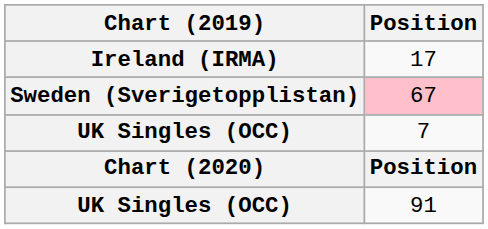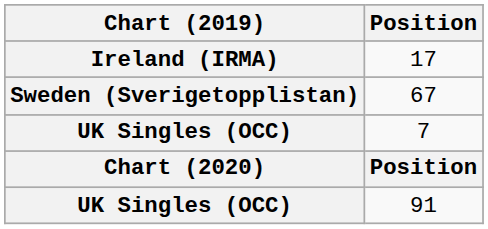 <table class="wikitable plainrowheaders" style="text-align:center">
 <tr>
 <th scope="col">Chart (2019)</th>
 <th scope="col">Position</th>
 </tr>
 <tr>
 <th scope="row">Ireland (IRMA)</th>
 <td>17</td>
 </tr>
 <tr>
 <th scope="row">Sweden (Sverigetopplistan)<br></th>
-<td style="background: pink;">67</td>
+<td>67</td>
 </tr>
 <tr>
 <th scope="row">UK Singles (OCC)</th>
 <td>7</td>
 </tr>
 <tr>
 <th scope="col">Chart (2020)</th>
 <th scope="col">Position</th>
 </tr>
 <tr>
 <th scope="row">UK Singles (OCC)</th>
 <td>91</td>
 </tr>
 </table>
